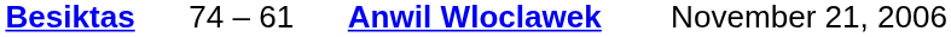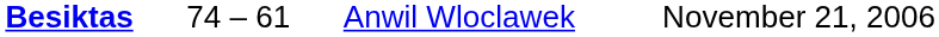 <table style="text-align:center">
 <tr>
 <th width=160></th>
 <th width=100></th>
 <th width=160></th>
 <th width=200></th>
 </tr>
 <tr>
 <td align=right><strong><a href='#'>Besiktas</a></strong> </td>
 <td>74 – 61</td>
-<td align=left><strong> <a href='#'>Anwil Wloclawek</a></strong></td>
+<td align=left> <a href='#'>Anwil Wloclawek</a></td>
 <td align=left>November 21, 2006</td>
 </tr>
 </table>
